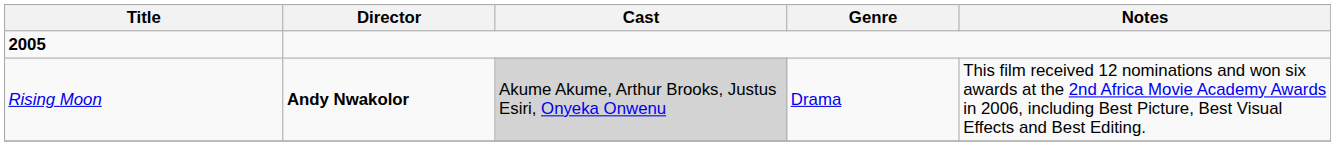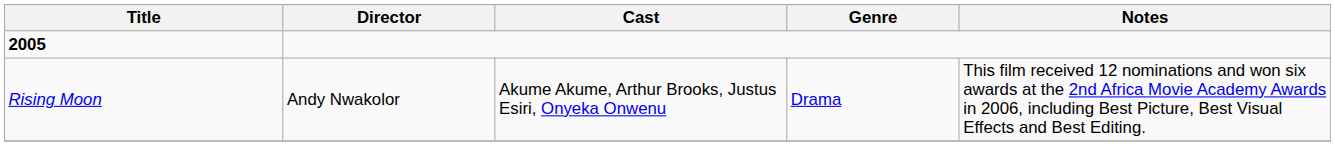 <table class="wikitable" width= "100%">
 <tr>
 <th width=21%>Title</th>
 <th width=16%>Director</th>
 <th width=22%>Cast</th>
 <th width=13%>Genre</th>
 <th width=28%>Notes</th>
 </tr>
 <tr>
 <td><strong>2005</strong></td>
 </tr>
 <tr>
 <td><em><a href='#'>Rising Moon</a></em></td>
-<td><strong>Andy Nwakolor</strong></td>
-<td style="background: lightgrey;">Akume Akume, Arthur Brooks, Justus Esiri, <a href='#'>Onyeka Onwenu</a></td>
+<td>Andy Nwakolor</td>
+<td>Akume Akume, Arthur Brooks, Justus Esiri, <a href='#'>Onyeka Onwenu</a></td>
 <td><a href='#'>Drama</a></td>
 <td>This film received 12 nominations and won six awards at the <a href='#'>2nd Africa Movie Academy Awards</a> in 2006, including Best Picture, Best Visual Effects and Best Editing.</td>
 </tr>
 <tr>
 </tr>
 </table>
